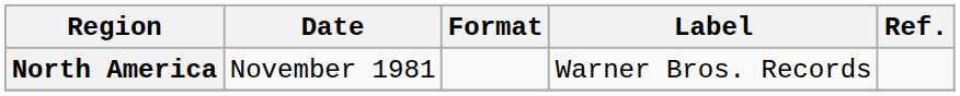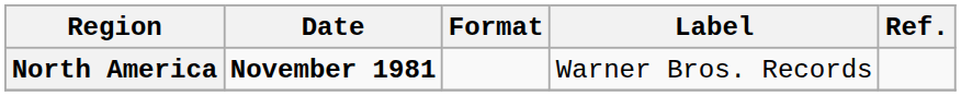 <table class="wikitable plainrowheaders">
 <tr>
 <th scope="col">Region</th>
 <th scope="col">Date</th>
 <th scope="col">Format</th>
 <th scope="col">Label</th>
 <th scope="col">Ref.</th>
 </tr>
 <tr>
 <th scope="row">North America</th>
-<td>November 1981</td>
+<td><strong>November 1981</strong></td>
 <td></td>
 <td>Warner Bros. Records</td>
 <td></td>
 </tr>
 <tr>
 </tr>
 </table>
